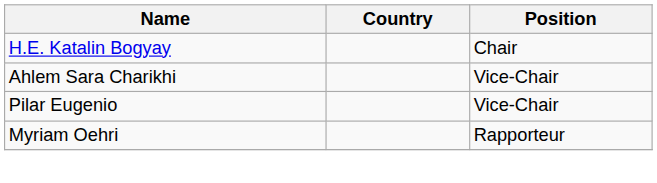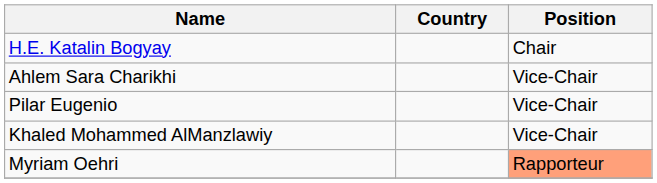 <table class="wikitable" style="display: inline-table; width: 45%">
 <tr>
 <th>Name</th>
 <th>Country</th>
 <th>Position</th>
 </tr>
 <tr>
 <td><a href='#'>H.E. Katalin Bogyay</a></td>
 <td></td>
 <td>Chair</td>
 </tr>
 <tr>
 <td>Ahlem Sara Charikhi</td>
 <td></td>
 <td>Vice-Chair</td>
 </tr>
 <tr>
 <td>Pilar Eugenio</td>
 <td></td>
 <td>Vice-Chair</td>
 </tr>
 <tr>
+<td>Khaled Mohammed AlManzlawiy</td>
+<td></td>
+<td>Vice-Chair</td>
+</tr>
+<tr>
 <td>Myriam Oehri</td>
 <td></td>
-<td>Rapporteur</td>
+<td style="background: lightsalmon;">Rapporteur</td>
 </tr>
 <tr>
 </tr>
 </table>
